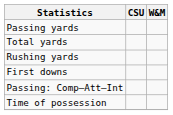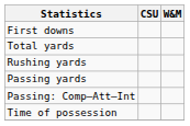 <table class="wikitable" style="float: left;">
 <tr>
 <th>Statistics</th>
 <th>CSU</th>
 <th>W&M</th>
 </tr>
 <tr>
-<td>Passing yards</td>
+<td>First downs</td>
 <td></td>
 <td></td>
 </tr>
 <tr>
 <td>Total yards</td>
 <td></td>
 <td></td>
 </tr>
 <tr>
 <td>Rushing yards</td>
 <td></td>
 <td></td>
 </tr>
 <tr>
-<td>First downs</td>
+<td>Passing yards</td>
 <td></td>
 <td></td>
 </tr>
 <tr>
 <td>Passing: Comp–Att–Int</td>
 <td></td>
 <td></td>
 </tr>
 <tr>
 <td>Time of possession</td>
 <td></td>
 <td></td>
 </tr>
 <tr>
 </tr>
 </table>
